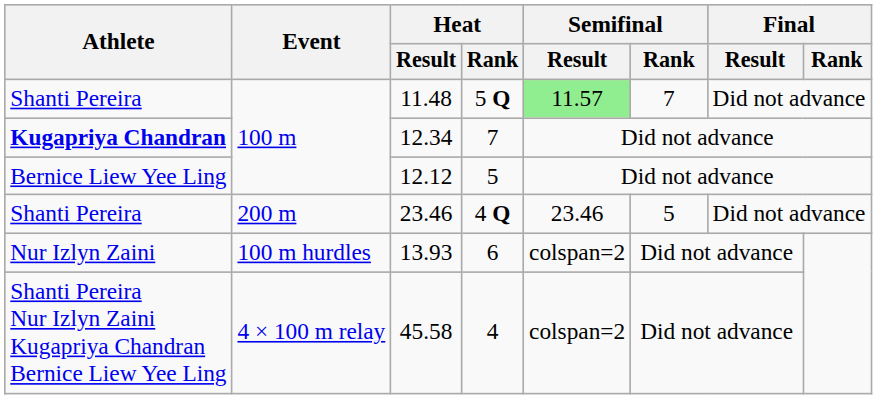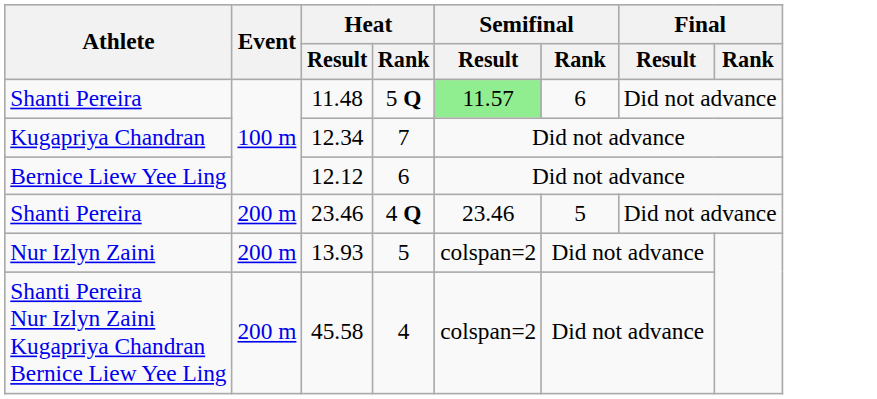 <table class="wikitable" style="font-size:90%">
 <tr>
 <th rowspan=2>Athlete</th>
 <th rowspan=2>Event</th>
 <th colspan=2>Heat</th>
 <th colspan=2>Semifinal</th>
 <th colspan=2>Final</th>
 </tr>
 <tr style="font-size:95%">
 <th>Result</th>
 <th>Rank</th>
 <th>Result</th>
 <th>Rank</th>
 <th>Result</th>
 <th>Rank</th>
 </tr>
 <tr align=center>
 <td align=left><a href='#'>Shanti Pereira</a></td>
 <td align=left rowspan=3><a href='#'>100 m</a></td>
 <td>11.48</td>
 <td>5 <strong>Q</strong></td>
 <td style="background: lightgreen;">11.57</td>
-<td>7</td>
+<td>6</td>
 <td colspan=2>Did not advance</td>
 </tr>
 <tr align=center>
-<td align=left><strong><a href='#'>Kugapriya Chandran</a></strong></td>
+<td align=left><a href='#'>Kugapriya Chandran</a></td>
 <td>12.34</td>
 <td>7</td>
 <td colspan=4>Did not advance</td>
 </tr>
 <tr align=center>
 <td align=left><a href='#'>Bernice Liew Yee Ling</a></td>
 <td>12.12</td>
-<td>5</td>
+<td>6</td>
 <td colspan=4>Did not advance</td>
 </tr>
 <tr align=center>
 <td align=left><a href='#'>Shanti Pereira</a></td>
 <td align=left><a href='#'>200 m</a></td>
 <td>23.46</td>
 <td>4 <strong>Q</strong></td>
 <td>23.46</td>
 <td>5</td>
 <td colspan=2>Did not advance</td>
 </tr>
 <tr align=center>
 <td align=left><a href='#'>Nur Izlyn Zaini</a></td>
-<td align=left><a href='#'>100 m hurdles</a></td>
+<td align=left><a href='#'>200 m</a></td>
 <td>13.93</td>
-<td>6</td>
+<td>5</td>
 <td>colspan=2 </td>
 <td colspan=2>Did not advance</td>
 </tr>
 <tr align=center>
 <td align=left><a href='#'>Shanti Pereira</a><br><a href='#'>Nur Izlyn Zaini</a><br><a href='#'>Kugapriya Chandran</a><br><a href='#'>Bernice Liew Yee Ling</a></td>
-<td align=left><a href='#'>4 × 100 m relay</a></td>
+<td align=left><a href='#'>200 m</a></td>
 <td>45.58</td>
 <td>4</td>
 <td>colspan=2 </td>
 <td colspan=2>Did not advance</td>
 </tr>
 </table>
